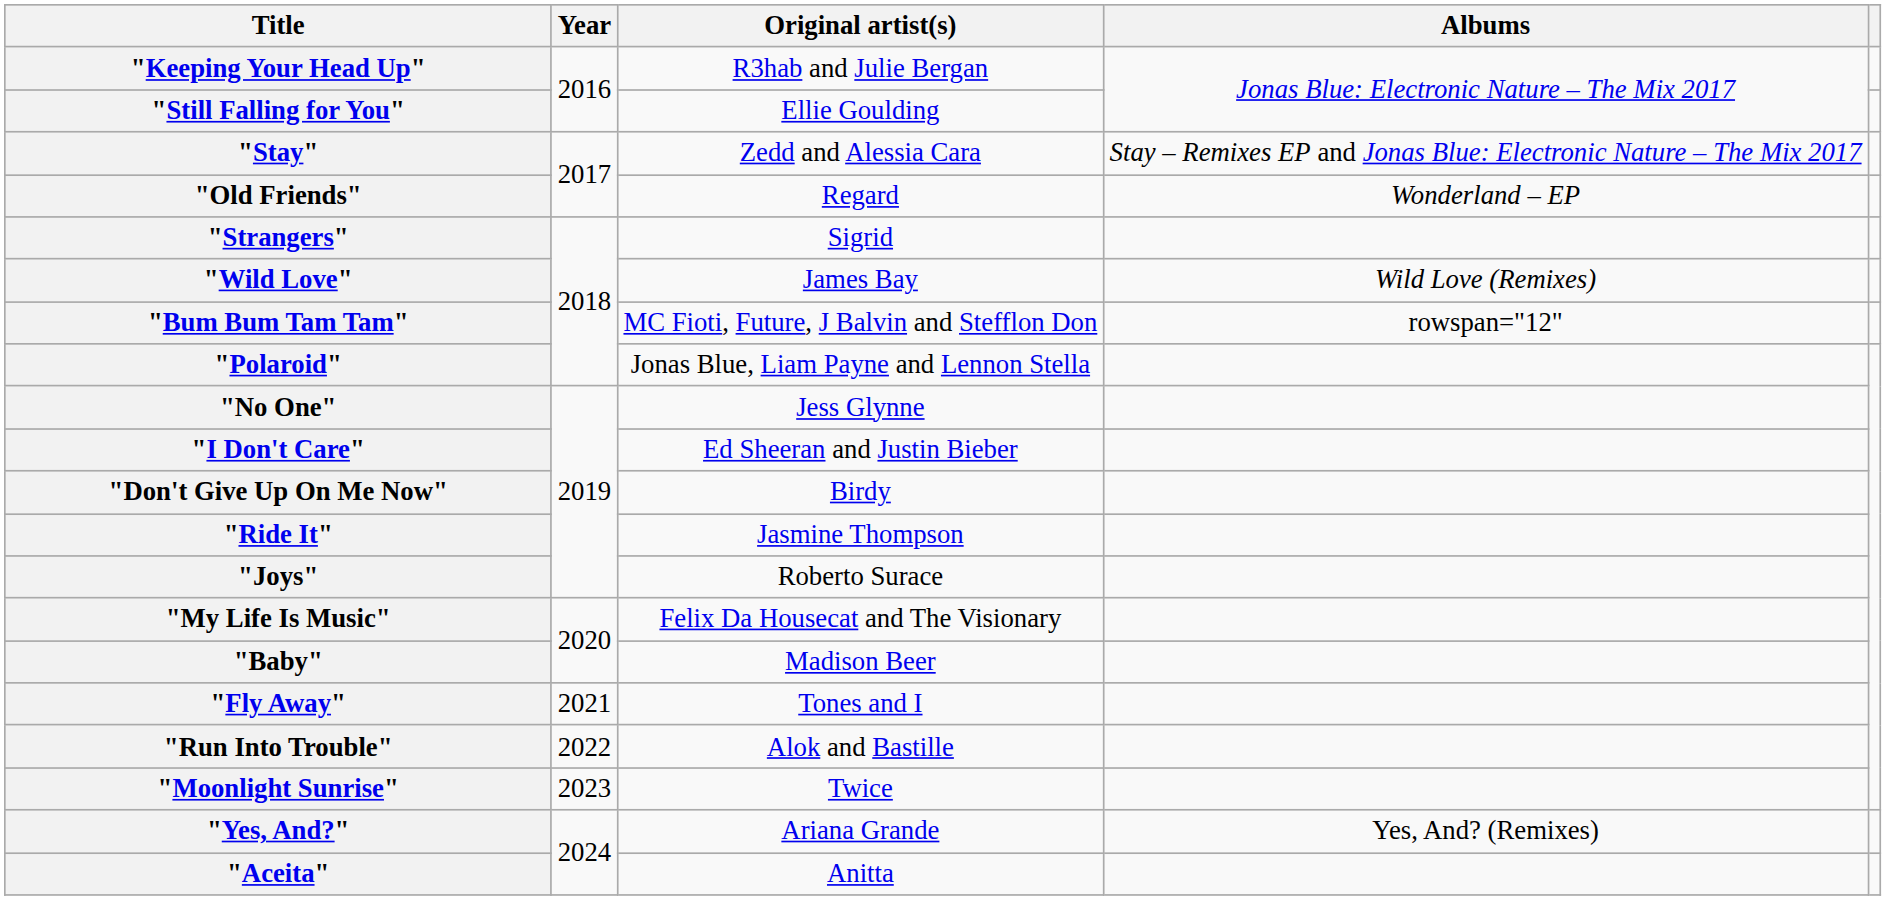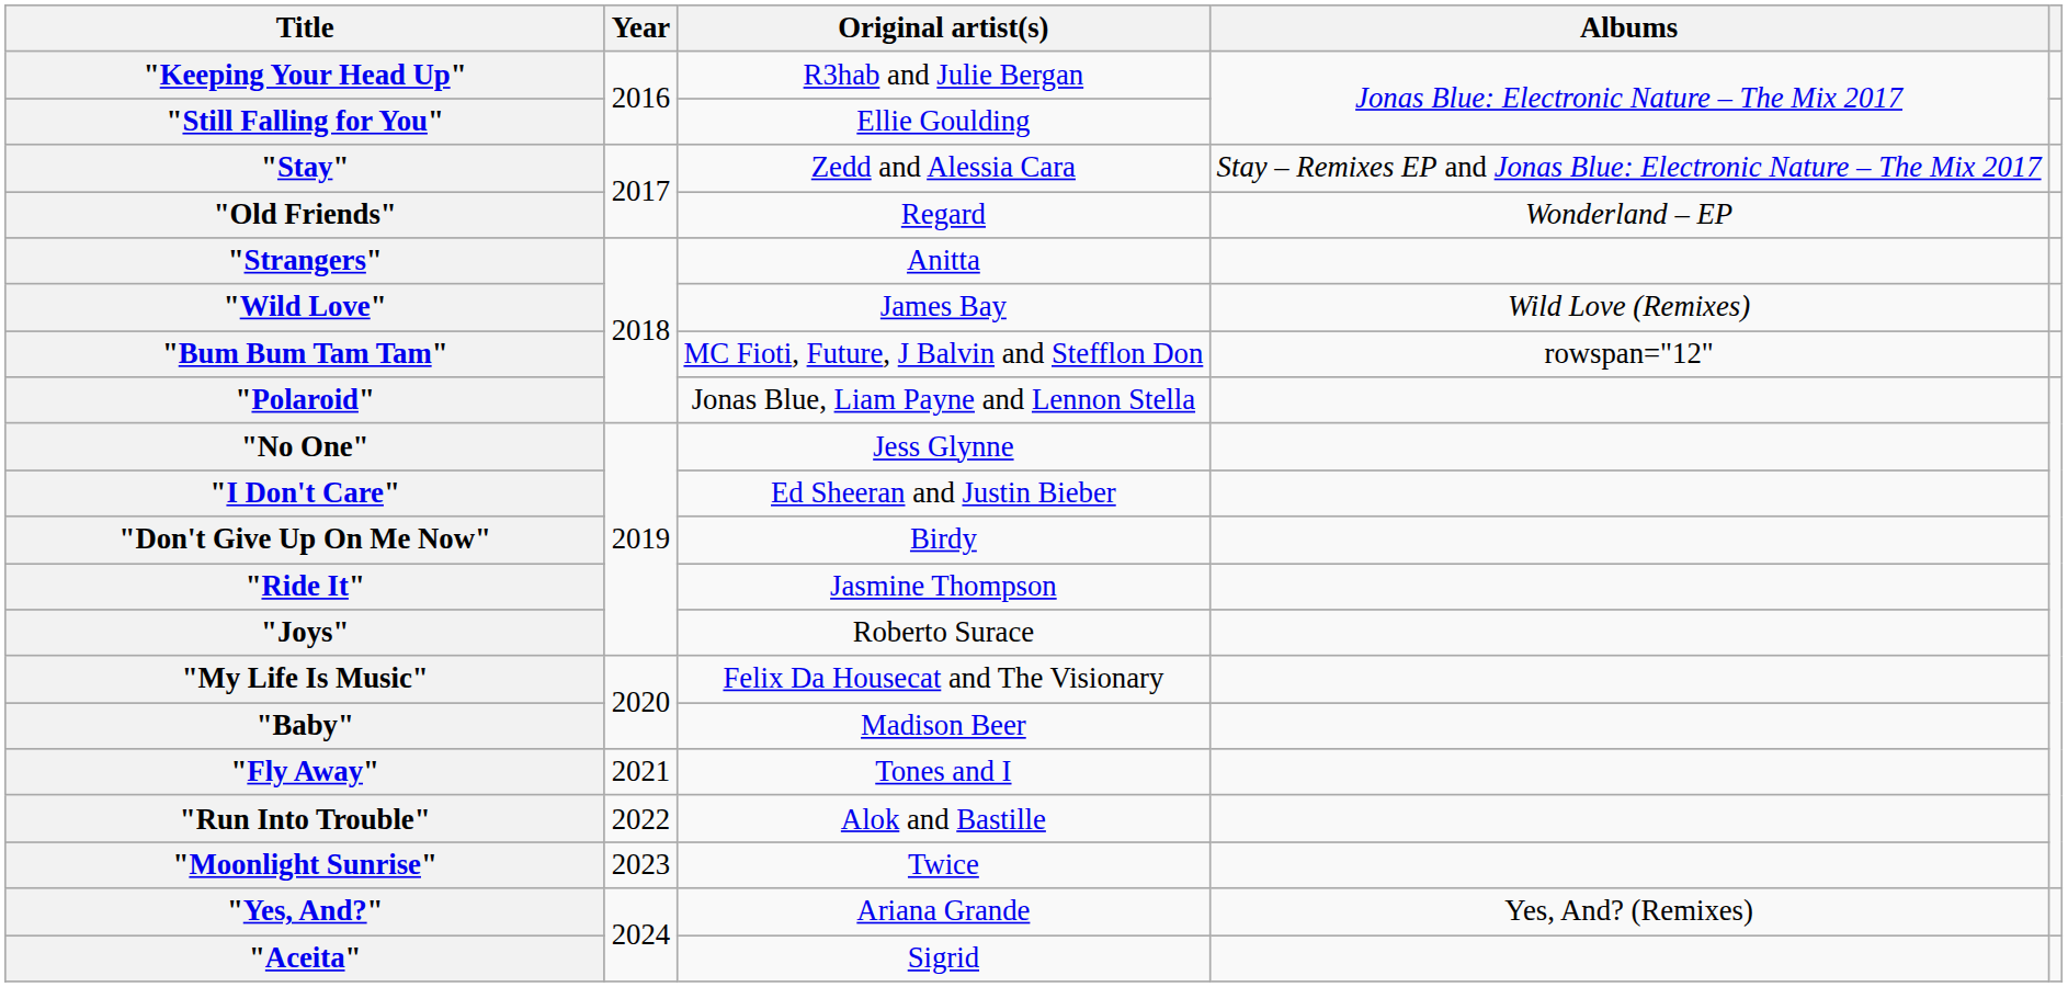 <table class="wikitable plainrowheaders" style="text-align:center;">
 <tr>
 <th scope="col" style="width:20em;">Title</th>
 <th scope="col" style="width:1em;">Year</th>
 <th scope="col">Original artist(s)</th>
 <th scope="col">Albums</th>
 <th scope="col"></th>
 </tr>
 <tr>
 <th scope="row">"<a href='#'>Keeping Your Head Up</a>"</th>
 <td rowspan="2">2016</td>
 <td><a href='#'>R3hab</a> and <a href='#'>Julie Bergan</a></td>
 <td rowspan="2"><em><a href='#'>Jonas Blue: Electronic Nature – The Mix 2017</a></em></td>
 <td></td>
 </tr>
 <tr>
 <th scope="row">"<a href='#'>Still Falling for You</a>"</th>
 <td><a href='#'>Ellie Goulding</a></td>
 <td></td>
 </tr>
 <tr>
 <th scope="row">"<a href='#'>Stay</a>"</th>
 <td rowspan="2">2017</td>
 <td><a href='#'>Zedd</a> and <a href='#'>Alessia Cara</a></td>
 <td><em>Stay – Remixes EP</em> and <em><a href='#'>Jonas Blue: Electronic Nature – The Mix 2017</a></em></td>
 <td></td>
 </tr>
 <tr>
 <th scope="row">"Old Friends"</th>
 <td><a href='#'>Regard</a></td>
 <td><em>Wonderland – EP</em></td>
 <td></td>
 </tr>
 <tr>
 <th scope="row">"<a href='#'>Strangers</a>"</th>
 <td rowspan="4">2018</td>
-<td><a href='#'>Sigrid</a></td>
+<td><a href='#'>Anitta</a></td>
 <td></td>
 <td></td>
 </tr>
 <tr>
 <th scope="row">"<a href='#'>Wild Love</a>"</th>
 <td><a href='#'>James Bay</a></td>
 <td><em>Wild Love (Remixes)</em></td>
 <td></td>
 </tr>
 <tr>
 <th scope="row">"<a href='#'>Bum Bum Tam Tam</a>"</th>
 <td><a href='#'>MC Fioti</a>, <a href='#'>Future</a>, <a href='#'>J Balvin</a> and <a href='#'>Stefflon Don</a></td>
 <td>rowspan="12" </td>
 <td></td>
 </tr>
 <tr>
 <th scope="row">"<a href='#'>Polaroid</a>"</th>
 <td>Jonas Blue, <a href='#'>Liam Payne</a> and <a href='#'>Lennon Stella</a></td>
 <td></td>
 </tr>
 <tr>
 <th scope="row">"No One"</th>
 <td rowspan="5">2019</td>
 <td><a href='#'>Jess Glynne</a></td>
 <td></td>
 </tr>
 <tr>
 <th scope="row">"<a href='#'>I Don't Care</a>"</th>
 <td><a href='#'>Ed Sheeran</a> and <a href='#'>Justin Bieber</a></td>
 <td></td>
 </tr>
 <tr>
 <th scope="row">"Don't Give Up On Me Now"</th>
 <td><a href='#'>Birdy</a></td>
 <td></td>
 </tr>
 <tr>
 <th scope="row">"<a href='#'>Ride It</a>"</th>
 <td><a href='#'>Jasmine Thompson</a></td>
 <td></td>
 </tr>
 <tr>
 <th scope="row">"Joys"</th>
 <td>Roberto Surace</td>
 <td></td>
 </tr>
 <tr>
 <th scope="row">"My Life Is Music"</th>
 <td rowspan="2">2020</td>
 <td><a href='#'>Felix Da Housecat</a> and The Visionary</td>
 <td></td>
 </tr>
 <tr>
 <th scope="row">"Baby"</th>
 <td><a href='#'>Madison Beer</a></td>
 <td></td>
 </tr>
 <tr>
 <th scope="row">"<a href='#'>Fly Away</a>"</th>
 <td>2021</td>
 <td><a href='#'>Tones and I</a></td>
 <td></td>
 </tr>
 <tr>
 <th scope="row">"Run Into Trouble"</th>
 <td>2022</td>
 <td><a href='#'>Alok</a> and <a href='#'>Bastille</a></td>
 <td></td>
 </tr>
 <tr>
 <th scope="row">"<a href='#'>Moonlight Sunrise</a>"</th>
 <td>2023</td>
 <td><a href='#'>Twice</a></td>
 <td></td>
 </tr>
 <tr>
 <th scope="row">"<a href='#'>Yes, And?</a>"</th>
 <td rowspan="2">2024</td>
 <td><a href='#'>Ariana Grande</a></td>
 <td>Yes, And? (Remixes)</td>
 <td></td>
 </tr>
 <tr>
 <th scope="row">"<a href='#'>Aceita</a>"</th>
-<td><a href='#'>Anitta</a></td>
+<td><a href='#'>Sigrid</a></td>
 <td></td>
 <td></td>
 </tr>
 </table>
